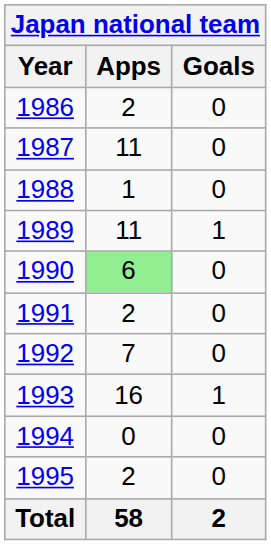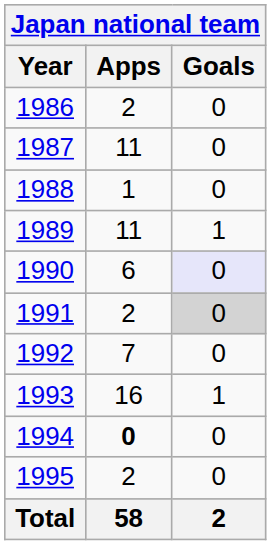 <table class="wikitable" style="text-align:center">
 <tr>
 <th colspan=3><a href='#'>Japan national team</a></th>
 </tr>
 <tr>
 <th>Year</th>
 <th>Apps</th>
 <th>Goals</th>
 </tr>
 <tr>
 <td><a href='#'>1986</a></td>
 <td>2</td>
 <td>0</td>
 </tr>
 <tr>
 <td><a href='#'>1987</a></td>
 <td>11</td>
 <td>0</td>
 </tr>
 <tr>
 <td><a href='#'>1988</a></td>
 <td>1</td>
 <td>0</td>
 </tr>
 <tr>
 <td><a href='#'>1989</a></td>
 <td>11</td>
 <td>1</td>
 </tr>
 <tr>
 <td><a href='#'>1990</a></td>
-<td style="background: lightgreen;">6</td>
-<td>0</td>
+<td>6</td>
+<td style="background: lavender;">0</td>
 </tr>
 <tr>
 <td><a href='#'>1991</a></td>
 <td>2</td>
-<td>0</td>
+<td style="background: lightgrey;">0</td>
 </tr>
 <tr>
 <td><a href='#'>1992</a></td>
 <td>7</td>
 <td>0</td>
 </tr>
 <tr>
 <td><a href='#'>1993</a></td>
 <td>16</td>
 <td>1</td>
 </tr>
 <tr>
 <td><a href='#'>1994</a></td>
-<td>0</td>
+<td><strong>0</strong></td>
 <td>0</td>
 </tr>
 <tr>
 <td><a href='#'>1995</a></td>
 <td>2</td>
 <td>0</td>
 </tr>
 <tr>
 <th>Total</th>
 <th>58</th>
 <th>2</th>
 </tr>
 </table>
